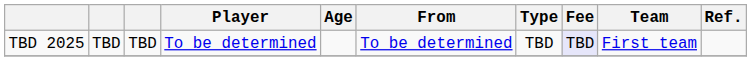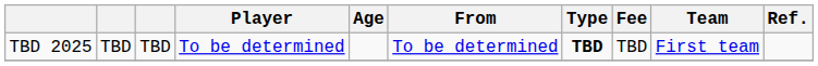 <table class="wikitable" style="text-align:center; font-size:100%; ">
 <tr>
 <th></th>
 <th></th>
 <th></th>
 <th>Player</th>
 <th>Age</th>
 <th>From</th>
 <th>Type</th>
 <th>Fee</th>
 <th>Team</th>
 <th>Ref.</th>
 </tr>
 <tr>
 <td>TBD 2025</td>
 <td>TBD</td>
 <td>TBD</td>
 <td style="text-align:left"><a href='#'>To be determined</a></td>
 <td></td>
 <td style="text-align:left"><a href='#'>To be determined</a></td>
+<td><strong>TBD</strong></td>
 <td>TBD</td>
-<td style="background: lavender;">TBD</td>
 <td><a href='#'>First team</a></td>
 <td></td>
 </tr>
 <tr>
 </tr>
 </table>
